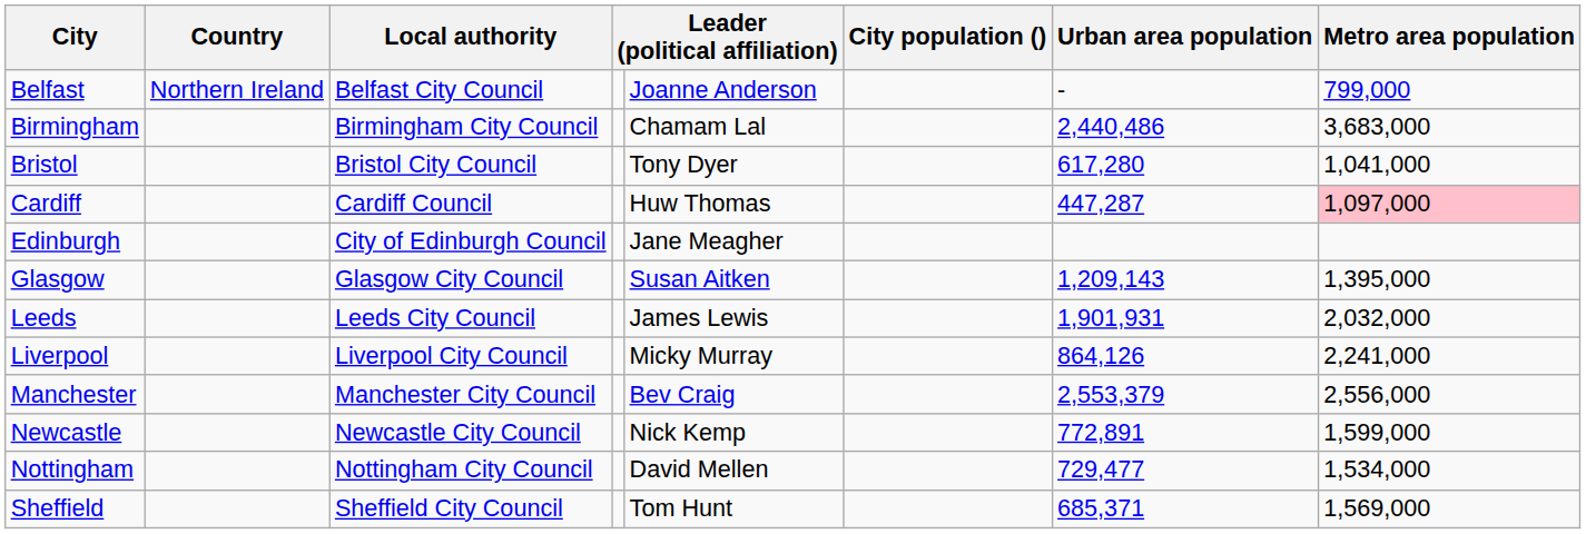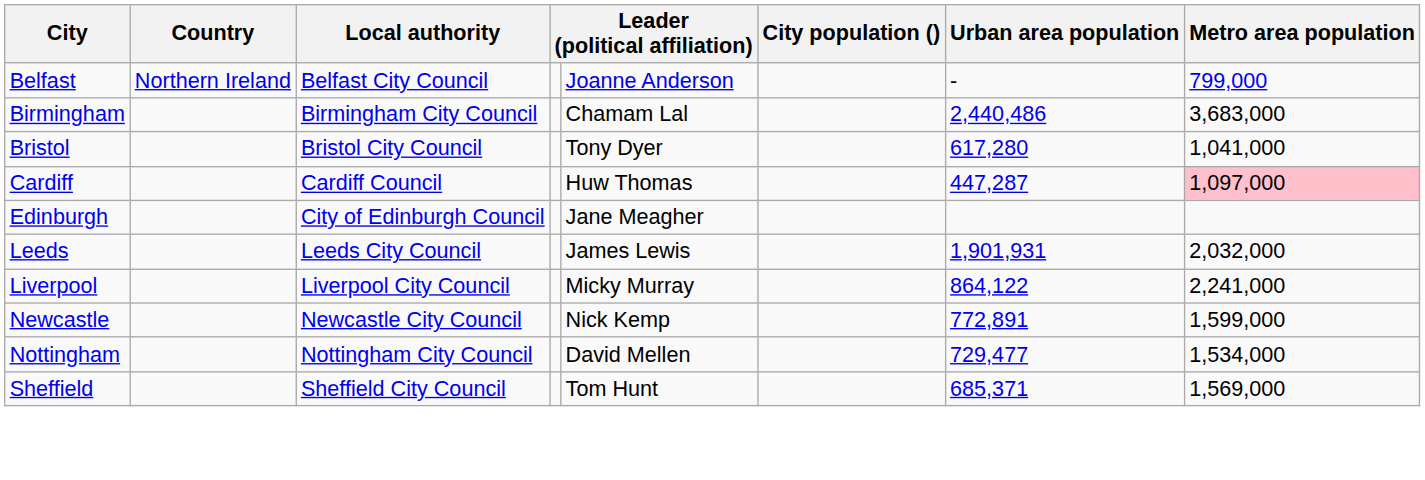 <table class="wikitable sortable">
 <tr>
 <th>City</th>
 <th>Country</th>
 <th>Local authority</th>
 <th colspan=2>Leader<br>(political affiliation)</th>
 <th>City population ()</th>
 <th>Urban area population</th>
 <th>Metro area population</th>
 </tr>
 <tr>
 <td><a href='#'>Belfast</a></td>
 <td><a href='#'>Northern Ireland</a></td>
 <td><a href='#'>Belfast City Council</a></td>
 <td style="background:"></td>
 <td><a href='#'>Joanne Anderson</a></td>
 <td></td>
 <td>-</td>
 <td><a href='#'>799,000</a></td>
 </tr>
 <tr>
 <td><a href='#'>Birmingham</a></td>
 <td></td>
 <td><a href='#'>Birmingham City Council</a></td>
 <td style="background:"></td>
 <td>Chamam Lal</td>
 <td></td>
 <td data-sort-value="2440986"><a href='#'>2,440,486</a></td>
 <td>3,683,000</td>
 </tr>
 <tr>
 <td><a href='#'>Bristol</a></td>
 <td></td>
 <td><a href='#'>Bristol City Council</a></td>
 <td style="background:"></td>
 <td>Tony Dyer</td>
 <td></td>
 <td data-sort-value="617280"><a href='#'>617,280</a></td>
 <td>1,041,000</td>
 </tr>
 <tr>
 <td><a href='#'>Cardiff</a></td>
 <td></td>
 <td><a href='#'>Cardiff Council</a></td>
 <td style="background:"></td>
 <td>Huw Thomas</td>
 <td></td>
 <td data-sort-value="447287"><a href='#'>447,287</a></td>
 <td style="background: pink;">1,097,000</td>
 </tr>
 <tr>
 <td><a href='#'>Edinburgh</a></td>
 <td></td>
 <td><a href='#'>City of Edinburgh Council</a></td>
 <td style="background:"></td>
 <td>Jane Meagher</td>
 <td></td>
 <td></td>
 <td></td>
 </tr>
 <tr>
-<td><a href='#'>Glasgow</a></td>
-<td></td>
-<td><a href='#'>Glasgow City Council</a></td>
-<td style="background:"></td>
-<td><a href='#'>Susan Aitken</a></td>
-<td></td>
-<td data-sort-value="1209143"><a href='#'>1,209,143</a></td>
-<td>1,395,000</td>
-</tr>
-<tr>
 <td><a href='#'>Leeds</a></td>
 <td></td>
 <td><a href='#'>Leeds City Council</a></td>
 <td style="background:"></td>
 <td>James Lewis</td>
 <td></td>
 <td data-sort-value="1901934"><a href='#'>1,901,931</a></td>
 <td>2,032,000</td>
 </tr>
 <tr>
 <td><a href='#'>Liverpool</a></td>
 <td></td>
 <td><a href='#'>Liverpool City Council</a></td>
 <td style="background:"></td>
 <td>Micky Murray</td>
 <td></td>
-<td data-sort-value="864122"><a href='#'>864,126</a></td>
+<td data-sort-value="864122"><a href='#'>864,122</a></td>
 <td>2,241,000</td>
-</tr>
-<tr>
-<td><a href='#'>Manchester</a></td>
-<td></td>
-<td><a href='#'>Manchester City Council</a></td>
-<td style="background:"></td>
-<td><a href='#'>Bev Craig</a></td>
-<td></td>
-<td data-sort-value="2553379"><a href='#'>2,553,379</a></td>
-<td>2,556,000</td>
 </tr>
 <tr>
 <td><a href='#'>Newcastle</a></td>
 <td></td>
 <td><a href='#'>Newcastle City Council</a></td>
 <td style="background:"></td>
 <td>Nick Kemp</td>
 <td></td>
 <td data-sort-value="774891"><a href='#'>772,891</a></td>
 <td>1,599,000</td>
 </tr>
 <tr>
 <td><a href='#'>Nottingham</a></td>
 <td></td>
 <td><a href='#'>Nottingham City Council</a></td>
 <td style="background:"></td>
 <td>David Mellen</td>
 <td></td>
 <td data-sort-value="729977"><a href='#'>729,477</a></td>
 <td>1,534,000</td>
 </tr>
 <tr>
 <td><a href='#'>Sheffield</a></td>
 <td></td>
 <td><a href='#'>Sheffield City Council</a></td>
 <td style="background:"></td>
 <td>Tom Hunt</td>
 <td></td>
 <td data-sort-value="685368"><a href='#'>685,371</a></td>
 <td>1,569,000</td>
 </tr>
 </table>
